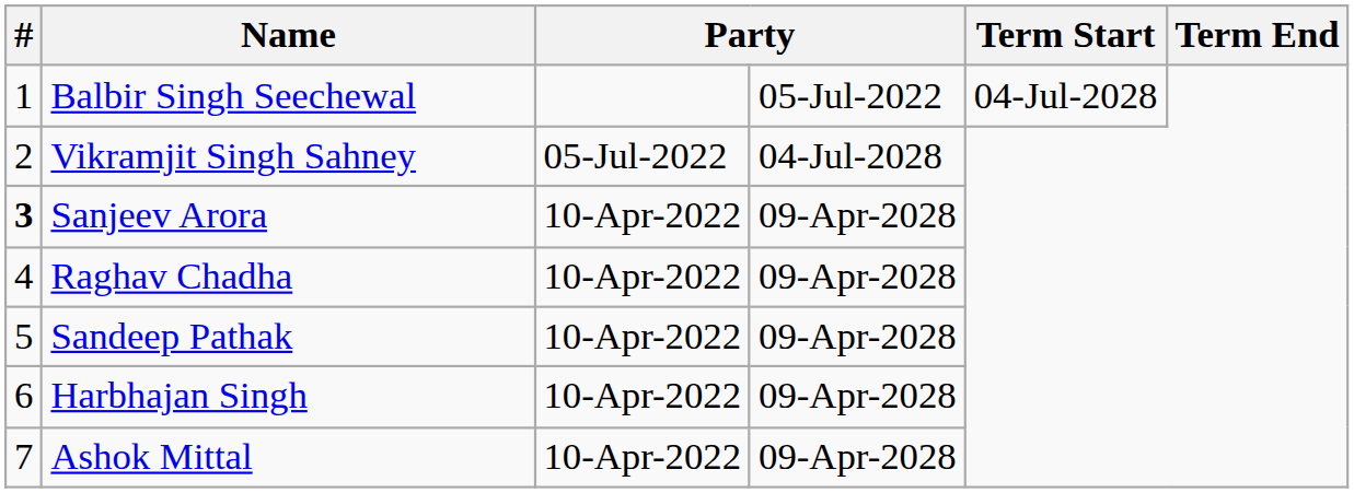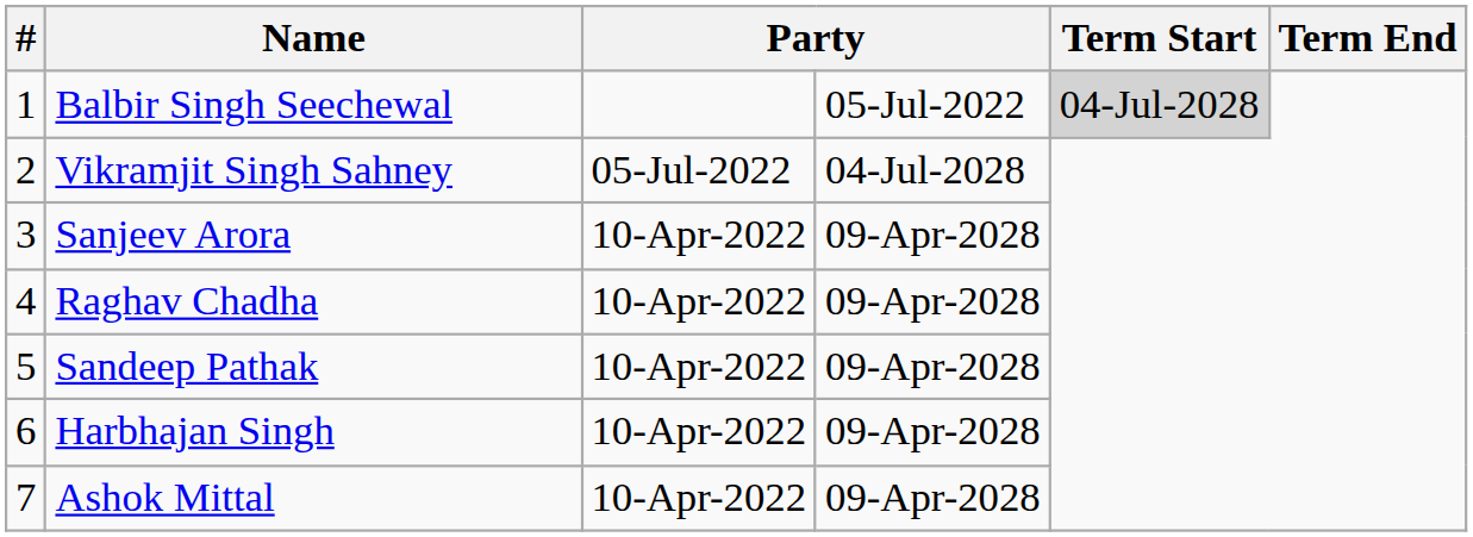 <table class="wikitable sortable">
 <tr>
 <th>#</th>
 <th style="width:200px">Name</th>
 <th colspan="2">Party</th>
 <th>Term Start</th>
 <th>Term End</th>
 </tr>
 <tr>
 <td>1</td>
 <td><a href='#'>Balbir Singh Seechewal</a></td>
 <td></td>
 <td>05-Jul-2022</td>
-<td>04-Jul-2028</td>
+<td style="background: lightgrey;">04-Jul-2028</td>
 </tr>
 <tr>
 <td>2</td>
 <td><a href='#'>Vikramjit Singh Sahney</a></td>
 <td>05-Jul-2022</td>
 <td>04-Jul-2028</td>
 </tr>
 <tr>
-<td><strong>3</strong></td>
+<td>3</td>
 <td><a href='#'>Sanjeev Arora</a></td>
 <td>10-Apr-2022</td>
 <td>09-Apr-2028</td>
 </tr>
 <tr>
 <td>4</td>
 <td><a href='#'>Raghav Chadha</a></td>
 <td>10-Apr-2022</td>
 <td>09-Apr-2028</td>
 </tr>
 <tr>
 <td>5</td>
 <td><a href='#'>Sandeep Pathak</a></td>
 <td>10-Apr-2022</td>
 <td>09-Apr-2028</td>
 </tr>
 <tr>
 <td>6</td>
 <td><a href='#'>Harbhajan Singh</a></td>
 <td>10-Apr-2022</td>
 <td>09-Apr-2028</td>
 </tr>
 <tr>
 <td>7</td>
 <td><a href='#'>Ashok Mittal</a></td>
 <td>10-Apr-2022</td>
 <td>09-Apr-2028</td>
 </tr>
 </table>
